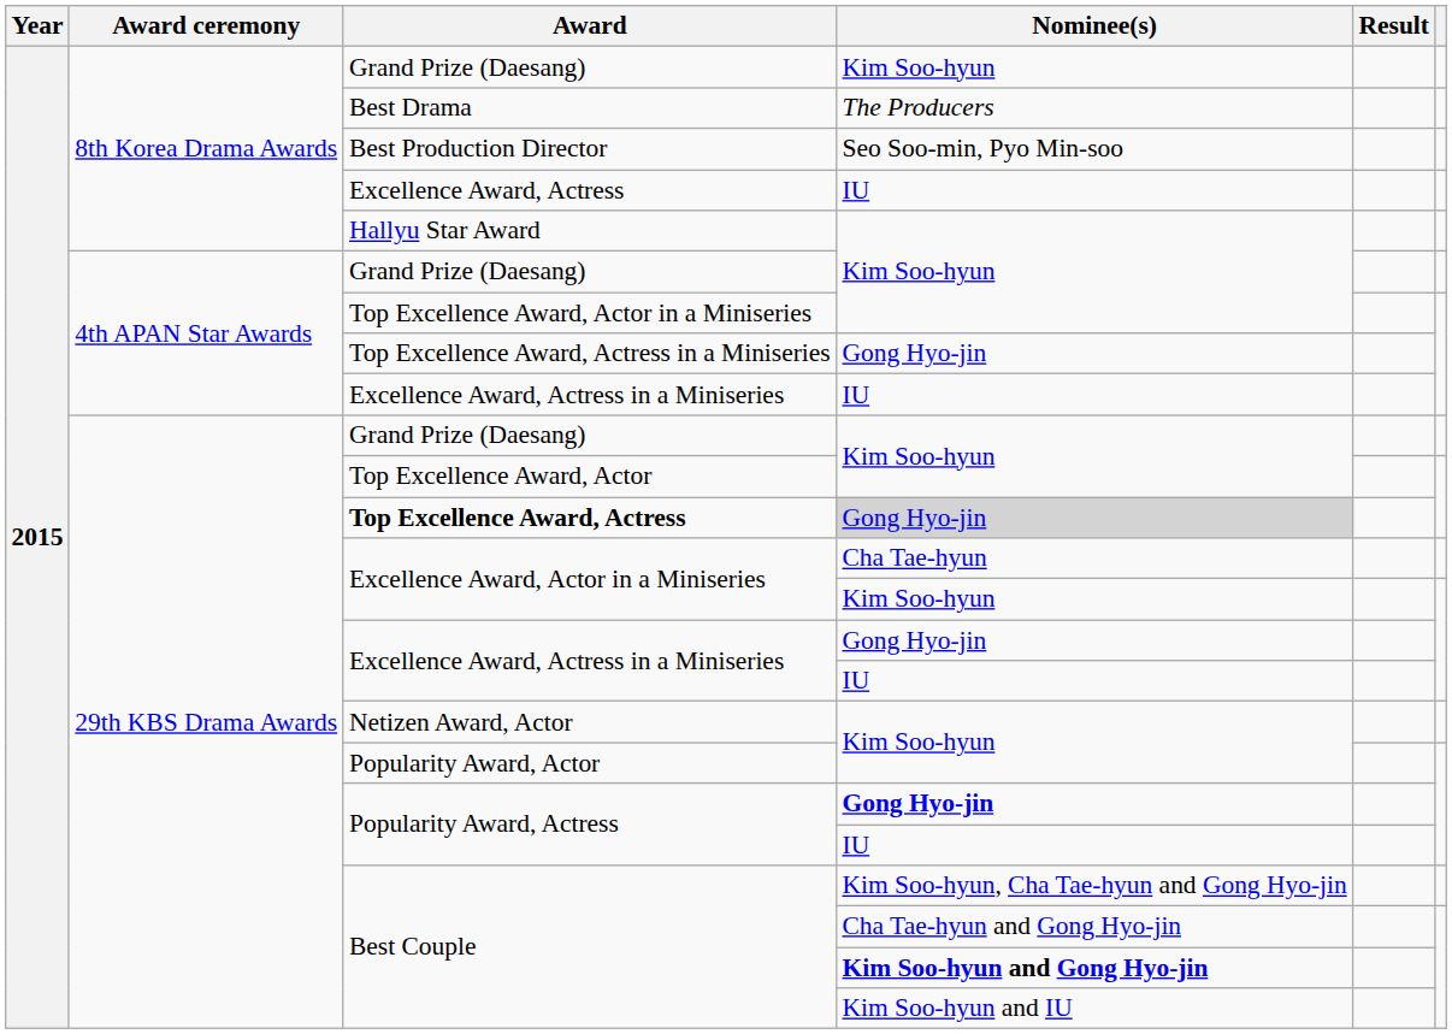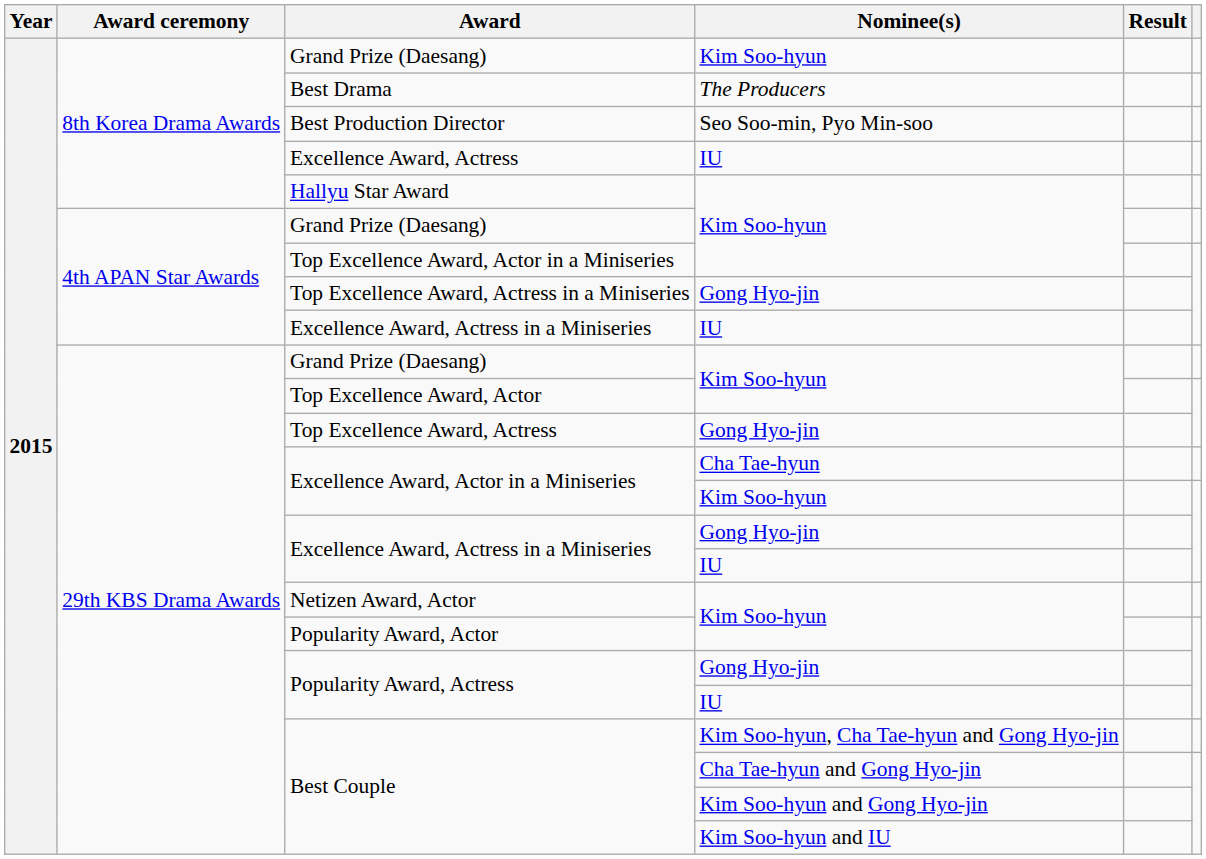 <table class="wikitable plainrowheaders sortable">
 <tr>
 <th scope="col">Year</th>
 <th scope="col">Award ceremony</th>
 <th scope="col">Award</th>
 <th scope="col">Nominee(s)</th>
 <th scope="col">Result</th>
 <th scope="col" class="unsortable"></th>
 </tr>
 <tr>
 <th scope="row" rowspan="24">2015</th>
 <td rowspan="5"><a href='#'>8th Korea Drama Awards</a></td>
 <td>Grand Prize (Daesang)</td>
 <td><a href='#'>Kim Soo-hyun</a></td>
 <td></td>
 <td style="text-align:center"></td>
 </tr>
 <tr>
 <td>Best Drama</td>
 <td><em>The Producers</em></td>
 <td></td>
 <td style="text-align:center"></td>
 </tr>
 <tr>
 <td>Best Production Director</td>
 <td>Seo Soo-min, Pyo Min-soo</td>
 <td></td>
 <td style="text-align:center"></td>
 </tr>
 <tr>
 <td>Excellence Award, Actress</td>
 <td><a href='#'>IU</a></td>
 <td></td>
 <td style="text-align:center"></td>
 </tr>
 <tr>
 <td><a href='#'>Hallyu</a> Star Award</td>
 <td rowspan="3"><a href='#'>Kim Soo-hyun</a></td>
 <td></td>
 <td style="text-align:center"></td>
 </tr>
 <tr>
 <td rowspan="4"><a href='#'>4th APAN Star Awards</a></td>
 <td>Grand Prize (Daesang)</td>
 <td></td>
 <td style="text-align:center"></td>
 </tr>
 <tr>
 <td>Top Excellence Award, Actor in a Miniseries</td>
 <td></td>
 <td style="text-align:center" rowspan="3"></td>
 </tr>
 <tr>
 <td>Top Excellence Award, Actress in a Miniseries</td>
 <td><a href='#'>Gong Hyo-jin</a></td>
 <td></td>
 </tr>
 <tr>
 <td>Excellence Award, Actress in a Miniseries</td>
 <td><a href='#'>IU</a></td>
 <td></td>
 </tr>
 <tr>
 <td rowspan="15"><a href='#'>29th KBS Drama Awards</a></td>
 <td>Grand Prize (Daesang)</td>
 <td rowspan="2"><a href='#'>Kim Soo-hyun</a></td>
 <td></td>
 <td style="text-align:center"></td>
 </tr>
 <tr>
 <td>Top Excellence Award, Actor</td>
 <td></td>
 <td rowspan="2"></td>
 </tr>
 <tr>
-<td><strong>Top Excellence Award, Actress</strong></td>
-<td style="background: lightgrey;"><a href='#'>Gong Hyo-jin</a></td>
+<td>Top Excellence Award, Actress</td>
+<td><a href='#'>Gong Hyo-jin</a></td>
 <td></td>
 </tr>
 <tr>
 <td rowspan="2">Excellence Award, Actor in a Miniseries</td>
 <td><a href='#'>Cha Tae-hyun</a></td>
 <td></td>
 <td style="text-align:center"></td>
 </tr>
 <tr>
 <td><a href='#'>Kim Soo-hyun</a></td>
 <td></td>
 <td rowspan="3"></td>
 </tr>
 <tr>
 <td rowspan="2">Excellence Award, Actress in a Miniseries</td>
 <td><a href='#'>Gong Hyo-jin</a></td>
 <td></td>
 </tr>
 <tr>
 <td><a href='#'>IU</a></td>
 <td></td>
 </tr>
 <tr>
 <td>Netizen Award, Actor</td>
 <td rowspan="2"><a href='#'>Kim Soo-hyun</a></td>
 <td></td>
 <td style="text-align:center"></td>
 </tr>
 <tr>
 <td>Popularity Award, Actor</td>
 <td></td>
 <td rowspan="3"></td>
 </tr>
 <tr>
 <td rowspan="2">Popularity Award, Actress</td>
-<td><strong><a href='#'>Gong Hyo-jin</a></strong></td>
+<td><a href='#'>Gong Hyo-jin</a></td>
 <td></td>
 </tr>
 <tr>
 <td><a href='#'>IU</a></td>
 <td></td>
 </tr>
 <tr>
 <td rowspan="4">Best Couple</td>
 <td><a href='#'>Kim Soo-hyun</a>, <a href='#'>Cha Tae-hyun</a> and <a href='#'>Gong Hyo-jin</a></td>
 <td></td>
 <td style="text-align:center"></td>
 </tr>
 <tr>
 <td><a href='#'>Cha Tae-hyun</a> and <a href='#'>Gong Hyo-jin</a></td>
 <td></td>
 <td style="text-align:center" rowspan="3"></td>
 </tr>
 <tr>
-<td><strong><a href='#'>Kim Soo-hyun</a> and <a href='#'>Gong Hyo-jin</a></strong></td>
+<td><a href='#'>Kim Soo-hyun</a> and <a href='#'>Gong Hyo-jin</a></td>
 <td></td>
 </tr>
 <tr>
 <td><a href='#'>Kim Soo-hyun</a> and <a href='#'>IU</a></td>
 <td></td>
 </tr>
 </table>
